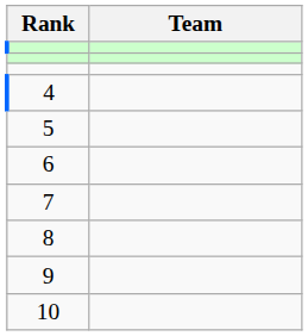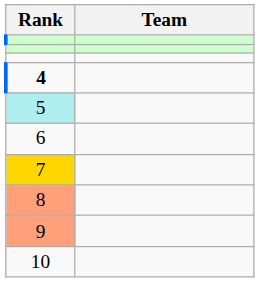 <table class="wikitable" style="text-align: center;">
 <tr>
 <th width=50>Rank</th>
 <th width=140>Team</th>
 </tr>
 <tr bgcolor=#cfc>
 <td style="border-left:3px solid #06f;"></td>
 <td align=left></td>
 </tr>
 <tr bgcolor=#cfc>
 <td></td>
 <td align=left></td>
 </tr>
 <tr>
 <td></td>
 <td align=left></td>
 </tr>
 <tr>
-<td style="border-left:3px solid #06f;">4</td>
+<td style="border-left:3px solid #06f;"><strong>4</strong></td>
 <td align=left></td>
 </tr>
 <tr>
-<td>5</td>
+<td style="background: paleturquoise;">5</td>
 <td align=left></td>
 </tr>
 <tr>
 <td>6</td>
 <td align=left></td>
 </tr>
 <tr>
-<td>7</td>
+<td style="background: gold;">7</td>
 <td align=left></td>
 </tr>
 <tr>
-<td>8</td>
+<td style="background: lightsalmon;">8</td>
 <td align=left></td>
 </tr>
 <tr>
-<td>9</td>
+<td style="background: lightsalmon;">9</td>
 <td align=left></td>
 </tr>
 <tr>
 <td>10</td>
 <td align=left></td>
 </tr>
 </table>
